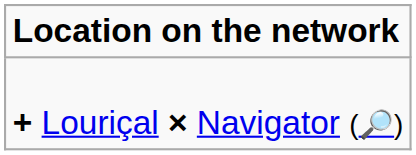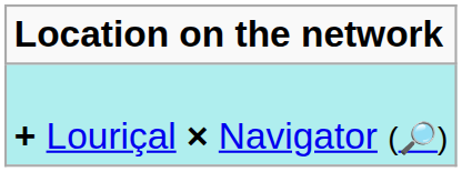 <table role="presentation" class="wikitable mw-collapsible mw-collapsed floatright">
 <tr>
 <td><strong>Location on the network</strong></td>
 </tr>
 <tr>
-<td><br><span><strong>+</strong></span> <a href='#'>Louriçal</a> <span><strong>×</strong> <a href='#'>Navigator</a></span> <small>(<a href='#'>🔎</a>)</small></td>
+<td style="background: paleturquoise;"><br><span><strong>+</strong></span> <a href='#'>Louriçal</a> <span><strong>×</strong> <a href='#'>Navigator</a></span> <small>(<a href='#'>🔎</a>)</small></td>
 </tr>
 </table>
